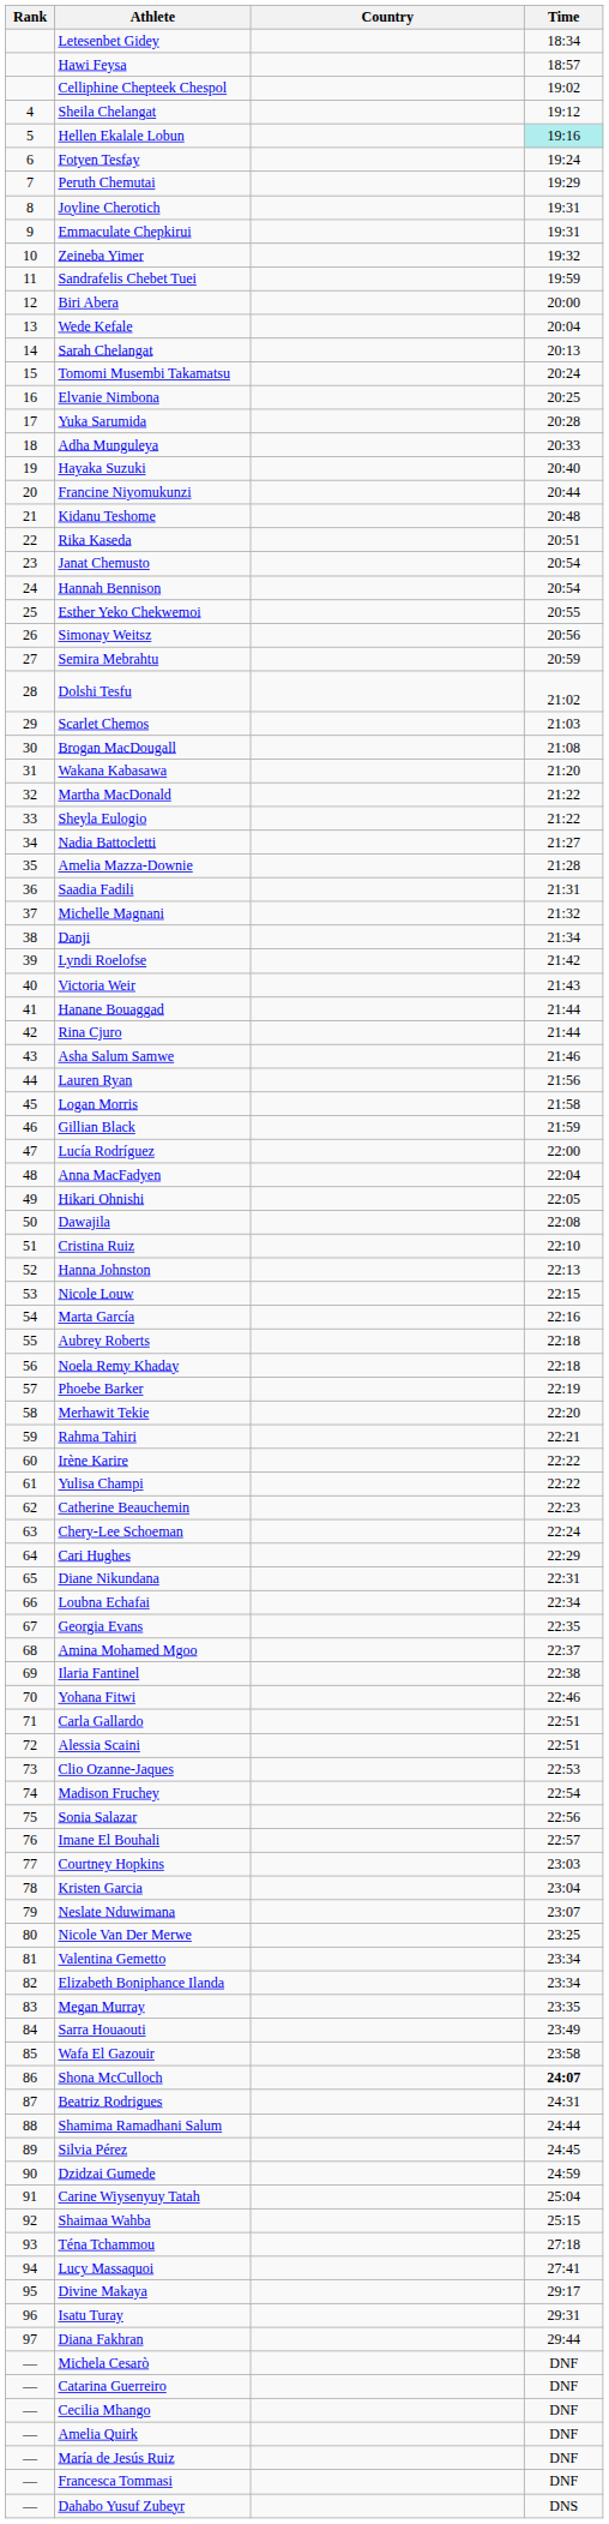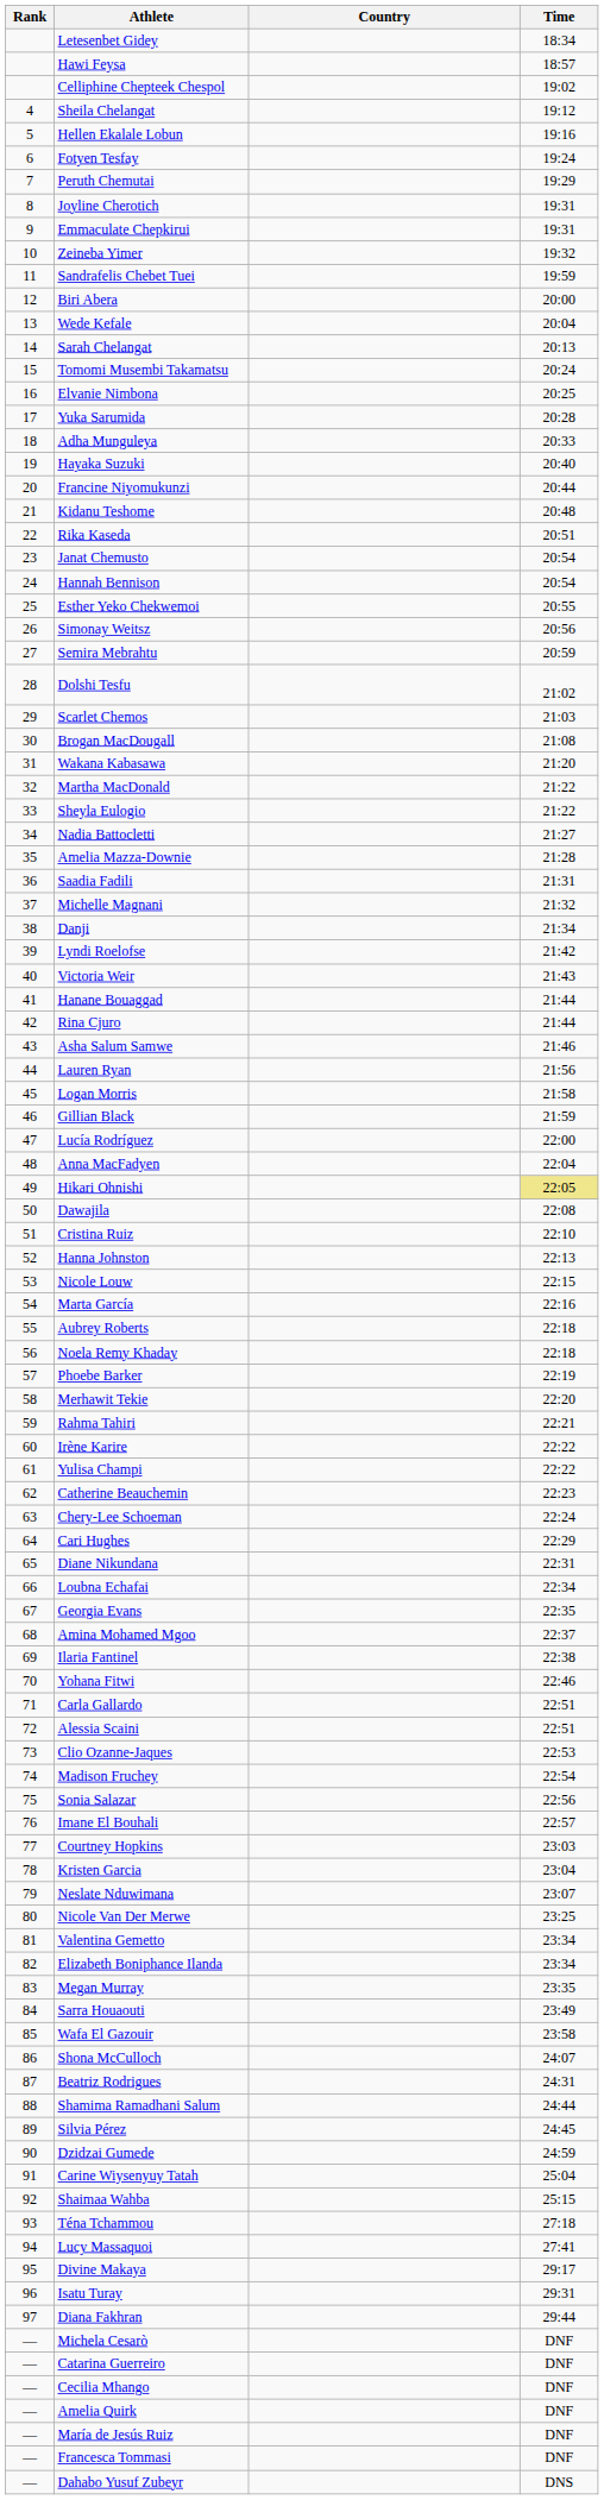 <table class="wikitable sortable" style=" text-align:center; font-size:95%;" width="50%">
 <tr>
 <th width=5%>Rank</th>
 <th width=25%>Athlete</th>
 <th width=35%>Country</th>
 <th width=10%>Time</th>
 </tr>
 <tr>
 <td align=center></td>
 <td align=left><a href='#'>Letesenbet Gidey</a></td>
 <td align=left></td>
 <td>18:34</td>
 </tr>
 <tr>
 <td align=center></td>
 <td align=left><a href='#'>Hawi Feysa</a></td>
 <td align=left></td>
 <td>18:57</td>
 </tr>
 <tr>
 <td align=center></td>
 <td align=left><a href='#'>Celliphine Chepteek Chespol</a></td>
 <td align=left></td>
 <td>19:02</td>
 </tr>
 <tr>
 <td align=center>4</td>
 <td align=left><a href='#'>Sheila Chelangat</a></td>
 <td align=left></td>
 <td>19:12</td>
 </tr>
 <tr>
 <td align=center>5</td>
 <td align=left><a href='#'>Hellen Ekalale Lobun</a></td>
 <td align=left></td>
-<td style="background: paleturquoise;">19:16</td>
+<td>19:16</td>
 </tr>
 <tr>
 <td align=center>6</td>
 <td align=left><a href='#'>Fotyen Tesfay</a></td>
 <td align=left></td>
 <td>19:24</td>
 </tr>
 <tr>
 <td align=center>7</td>
 <td align=left><a href='#'>Peruth Chemutai</a></td>
 <td align=left></td>
 <td>19:29</td>
 </tr>
 <tr>
 <td align=center>8</td>
 <td align=left><a href='#'>Joyline Cherotich</a></td>
 <td align=left></td>
 <td>19:31</td>
 </tr>
 <tr>
 <td align=center>9</td>
 <td align=left><a href='#'>Emmaculate Chepkirui</a></td>
 <td align=left></td>
 <td>19:31</td>
 </tr>
 <tr>
 <td align=center>10</td>
 <td align=left><a href='#'>Zeineba Yimer</a></td>
 <td align=left></td>
 <td>19:32</td>
 </tr>
 <tr>
 <td align=center>11</td>
 <td align=left><a href='#'>Sandrafelis Chebet Tuei</a></td>
 <td align=left></td>
 <td>19:59</td>
 </tr>
 <tr>
 <td align=center>12</td>
 <td align=left><a href='#'>Biri Abera</a></td>
 <td align=left></td>
 <td>20:00</td>
 </tr>
 <tr>
 <td align=center>13</td>
 <td align=left><a href='#'>Wede Kefale</a></td>
 <td align=left></td>
 <td>20:04</td>
 </tr>
 <tr>
 <td align=center>14</td>
 <td align=left><a href='#'>Sarah Chelangat</a></td>
 <td align=left></td>
 <td>20:13</td>
 </tr>
 <tr>
 <td align=center>15</td>
 <td align=left><a href='#'>Tomomi Musembi Takamatsu</a></td>
 <td align=left></td>
 <td>20:24</td>
 </tr>
 <tr>
 <td align=center>16</td>
 <td align=left><a href='#'>Elvanie Nimbona</a></td>
 <td align=left></td>
 <td>20:25</td>
 </tr>
 <tr>
 <td align=center>17</td>
 <td align=left><a href='#'>Yuka Sarumida</a></td>
 <td align=left></td>
 <td>20:28</td>
 </tr>
 <tr>
 <td align=center>18</td>
 <td align=left><a href='#'>Adha Munguleya</a></td>
 <td align=left></td>
 <td>20:33</td>
 </tr>
 <tr>
 <td align=center>19</td>
 <td align=left><a href='#'>Hayaka Suzuki</a></td>
 <td align=left></td>
 <td>20:40</td>
 </tr>
 <tr>
 <td align=center>20</td>
 <td align=left><a href='#'>Francine Niyomukunzi </a></td>
 <td align=left></td>
 <td>20:44</td>
 </tr>
 <tr>
 <td align=center>21</td>
 <td align=left><a href='#'>Kidanu Teshome</a></td>
 <td align=left></td>
 <td>20:48</td>
 </tr>
 <tr>
 <td align=center>22</td>
 <td align=left><a href='#'>Rika Kaseda</a></td>
 <td align=left></td>
 <td>20:51</td>
 </tr>
 <tr>
 <td align=center>23</td>
 <td align=left><a href='#'>Janat Chemusto</a></td>
 <td align=left></td>
 <td>20:54</td>
 </tr>
 <tr>
 <td align=center>24</td>
 <td align=left><a href='#'>Hannah Bennison</a></td>
 <td align=left></td>
 <td>20:54</td>
 </tr>
 <tr>
 <td align=center>25</td>
 <td align=left><a href='#'>Esther Yeko Chekwemoi</a></td>
 <td align=left></td>
 <td>20:55</td>
 </tr>
 <tr>
 <td align=center>26</td>
 <td align=left><a href='#'>Simonay Weitsz</a></td>
 <td align=left></td>
 <td>20:56</td>
 </tr>
 <tr>
 <td align=center>27</td>
 <td align=left><a href='#'>Semira Mebrahtu</a></td>
 <td align=left></td>
 <td>20:59</td>
 </tr>
 <tr>
 <td align=center>28</td>
 <td align=left><a href='#'>Dolshi Tesfu</a></td>
 <td align=left></td>
 <td><br>21:02</td>
 </tr>
 <tr>
 <td align=center>29</td>
 <td align=left><a href='#'>Scarlet Chemos</a></td>
 <td align=left></td>
 <td>21:03</td>
 </tr>
 <tr>
 <td align=center>30</td>
 <td align=left><a href='#'>Brogan MacDougall</a></td>
 <td align=left></td>
 <td>21:08</td>
 </tr>
 <tr>
 <td align=center>31</td>
 <td align=left><a href='#'>Wakana Kabasawa</a></td>
 <td align=left></td>
 <td>21:20</td>
 </tr>
 <tr>
 <td align=center>32</td>
 <td align=left><a href='#'>Martha MacDonald</a></td>
 <td align=left></td>
 <td>21:22</td>
 </tr>
 <tr>
 <td align=center>33</td>
 <td align=left><a href='#'>Sheyla Eulogio</a></td>
 <td align=left></td>
 <td>21:22</td>
 </tr>
 <tr>
 <td align=center>34</td>
 <td align=left><a href='#'>Nadia Battocletti</a></td>
 <td align=left></td>
 <td>21:27</td>
 </tr>
 <tr>
 <td align=center>35</td>
 <td align=left><a href='#'>Amelia Mazza-Downie</a></td>
 <td align=left></td>
 <td>21:28</td>
 </tr>
 <tr>
 <td align=center>36</td>
 <td align=left><a href='#'>Saadia Fadili</a></td>
 <td align=left></td>
 <td>21:31</td>
 </tr>
 <tr>
 <td align=center>37</td>
 <td align=left><a href='#'>Michelle Magnani</a></td>
 <td align=left></td>
 <td>21:32</td>
 </tr>
 <tr>
 <td align=center>38</td>
 <td align=left><a href='#'>Danji</a></td>
 <td align=left></td>
 <td>21:34</td>
 </tr>
 <tr>
 <td align=center>39</td>
 <td align=left><a href='#'>Lyndi Roelofse</a></td>
 <td align=left></td>
 <td>21:42</td>
 </tr>
 <tr>
 <td align=center>40</td>
 <td align=left><a href='#'>Victoria Weir</a></td>
 <td align=left></td>
 <td>21:43</td>
 </tr>
 <tr>
 <td align=center>41</td>
 <td align=left><a href='#'>Hanane Bouaggad</a></td>
 <td align=left></td>
 <td>21:44</td>
 </tr>
 <tr>
 <td align=center>42</td>
 <td align=left><a href='#'>Rina Cjuro</a></td>
 <td align=left></td>
 <td>21:44</td>
 </tr>
 <tr>
 <td align=center>43</td>
 <td align=left><a href='#'>Asha Salum Samwe</a></td>
 <td align=left></td>
 <td>21:46</td>
 </tr>
 <tr>
 <td align=center>44</td>
 <td align=left><a href='#'>Lauren Ryan</a></td>
 <td align=left></td>
 <td>21:56</td>
 </tr>
 <tr>
 <td align=center>45</td>
 <td align=left><a href='#'>Logan Morris</a></td>
 <td align=left></td>
 <td>21:58</td>
 </tr>
 <tr>
 <td align=center>46</td>
 <td align=left><a href='#'>Gillian Black</a></td>
 <td align=left></td>
 <td>21:59</td>
 </tr>
 <tr>
 <td align=center>47</td>
 <td align=left><a href='#'>Lucía Rodríguez</a></td>
 <td align=left></td>
 <td>22:00</td>
 </tr>
 <tr>
 <td align=center>48</td>
 <td align=left><a href='#'>Anna MacFadyen</a></td>
 <td align=left></td>
 <td>22:04</td>
 </tr>
 <tr>
 <td align=center>49</td>
 <td align=left><a href='#'>Hikari Ohnishi</a></td>
 <td align=left></td>
-<td>22:05</td>
+<td style="background: khaki;">22:05</td>
 </tr>
 <tr>
 <td align=center>50</td>
 <td align=left><a href='#'>Dawajila</a></td>
 <td align=left></td>
 <td>22:08</td>
 </tr>
 <tr>
 <td align=center>51</td>
 <td align=left><a href='#'>Cristina Ruiz</a></td>
 <td align=left></td>
 <td>22:10</td>
 </tr>
 <tr>
 <td align=center>52</td>
 <td align=left><a href='#'>Hanna Johnston</a></td>
 <td align=left></td>
 <td>22:13</td>
 </tr>
 <tr>
 <td align=center>53</td>
 <td align=left><a href='#'>Nicole Louw</a></td>
 <td align=left></td>
 <td>22:15</td>
 </tr>
 <tr>
 <td align=center>54</td>
 <td align=left><a href='#'>Marta García</a></td>
 <td align=left></td>
 <td>22:16</td>
 </tr>
 <tr>
 <td align=center>55</td>
 <td align=left><a href='#'>Aubrey Roberts</a></td>
 <td align=left></td>
 <td>22:18</td>
 </tr>
 <tr>
 <td align=center>56</td>
 <td align=left><a href='#'>Noela Remy Khaday</a></td>
 <td align=left></td>
 <td>22:18</td>
 </tr>
 <tr>
 <td align=center>57</td>
 <td align=left><a href='#'>Phoebe Barker</a></td>
 <td align=left></td>
 <td>22:19</td>
 </tr>
 <tr>
 <td align=center>58</td>
 <td align=left><a href='#'>Merhawit Tekie</a></td>
 <td align=left></td>
 <td>22:20</td>
 </tr>
 <tr>
 <td align=center>59</td>
 <td align=left><a href='#'>Rahma Tahiri</a></td>
 <td align=left></td>
 <td>22:21</td>
 </tr>
 <tr>
 <td align=center>60</td>
 <td align=left><a href='#'>Irène Karire</a></td>
 <td align=left></td>
 <td>22:22</td>
 </tr>
 <tr>
 <td align=center>61</td>
 <td align=left><a href='#'>Yulisa Champi</a></td>
 <td align=left></td>
 <td>22:22</td>
 </tr>
 <tr>
 <td align=center>62</td>
 <td align=left><a href='#'>Catherine Beauchemin</a></td>
 <td align=left></td>
 <td>22:23</td>
 </tr>
 <tr>
 <td align=center>63</td>
 <td align=left><a href='#'>Chery-Lee Schoeman</a></td>
 <td align=left></td>
 <td>22:24</td>
 </tr>
 <tr>
 <td align=center>64</td>
 <td align=left><a href='#'>Cari Hughes</a></td>
 <td align=left></td>
 <td>22:29</td>
 </tr>
 <tr>
 <td align=center>65</td>
 <td align=left><a href='#'>Diane Nikundana</a></td>
 <td align=left></td>
 <td>22:31</td>
 </tr>
 <tr>
 <td align=center>66</td>
 <td align=left><a href='#'>Loubna Echafai</a></td>
 <td align=left></td>
 <td>22:34</td>
 </tr>
 <tr>
 <td align=center>67</td>
 <td align=left><a href='#'>Georgia Evans</a></td>
 <td align=left></td>
 <td>22:35</td>
 </tr>
 <tr>
 <td align=center>68</td>
 <td align=left><a href='#'>Amina Mohamed Mgoo</a></td>
 <td align=left></td>
 <td>22:37</td>
 </tr>
 <tr>
 <td align=center>69</td>
 <td align=left><a href='#'>Ilaria Fantinel</a></td>
 <td align=left></td>
 <td>22:38</td>
 </tr>
 <tr>
 <td align=center>70</td>
 <td align=left><a href='#'>Yohana Fitwi</a></td>
 <td align=left></td>
 <td>22:46</td>
 </tr>
 <tr>
 <td align=center>71</td>
 <td align=left><a href='#'>Carla Gallardo</a></td>
 <td align=left></td>
 <td>22:51</td>
 </tr>
 <tr>
 <td align=center>72</td>
 <td align=left><a href='#'>Alessia Scaini</a></td>
 <td align=left></td>
 <td>22:51</td>
 </tr>
 <tr>
 <td align=center>73</td>
 <td align=left><a href='#'>Clio Ozanne-Jaques</a></td>
 <td align=left></td>
 <td>22:53</td>
 </tr>
 <tr>
 <td align=center>74</td>
 <td align=left><a href='#'>Madison Fruchey</a></td>
 <td align=left></td>
 <td>22:54</td>
 </tr>
 <tr>
 <td align=center>75</td>
 <td align=left><a href='#'>Sonia Salazar</a></td>
 <td align=left></td>
 <td>22:56</td>
 </tr>
 <tr>
 <td align=center>76</td>
 <td align=left><a href='#'>Imane El Bouhali</a></td>
 <td align=left></td>
 <td>22:57</td>
 </tr>
 <tr>
 <td align=center>77</td>
 <td align=left><a href='#'>Courtney Hopkins</a></td>
 <td align=left></td>
 <td>23:03</td>
 </tr>
 <tr>
 <td align=center>78</td>
 <td align=left><a href='#'>Kristen Garcia</a></td>
 <td align=left></td>
 <td>23:04</td>
 </tr>
 <tr>
 <td align=center>79</td>
 <td align=left><a href='#'>Neslate Nduwimana</a></td>
 <td align=left></td>
 <td>23:07</td>
 </tr>
 <tr>
 <td align=center>80</td>
 <td align=left><a href='#'>Nicole Van Der Merwe</a></td>
 <td align=left></td>
 <td>23:25</td>
 </tr>
 <tr>
 <td align=center>81</td>
 <td align=left><a href='#'>Valentina Gemetto</a></td>
 <td align=left></td>
 <td>23:34</td>
 </tr>
 <tr>
 <td align=center>82</td>
 <td align=left><a href='#'>Elizabeth Boniphance Ilanda</a></td>
 <td align=left></td>
 <td>23:34</td>
 </tr>
 <tr>
 <td align=center>83</td>
 <td align=left><a href='#'>Megan Murray</a></td>
 <td align=left></td>
 <td>23:35</td>
 </tr>
 <tr>
 <td align=center>84</td>
 <td align=left><a href='#'>Sarra Houaouti</a></td>
 <td align=left></td>
 <td>23:49</td>
 </tr>
 <tr>
 <td align=center>85</td>
 <td align=left><a href='#'>Wafa El Gazouir</a></td>
 <td align=left></td>
 <td>23:58</td>
 </tr>
 <tr>
 <td align=center>86</td>
 <td align=left><a href='#'>Shona McCulloch</a></td>
 <td align=left></td>
-<td><strong>24:07</strong></td>
+<td>24:07</td>
 </tr>
 <tr>
 <td align=center>87</td>
 <td align=left><a href='#'>Beatriz Rodrigues</a></td>
 <td align=left></td>
 <td>24:31</td>
 </tr>
 <tr>
 <td align=center>88</td>
 <td align=left><a href='#'>Shamima Ramadhani Salum</a></td>
 <td align=left></td>
 <td>24:44</td>
 </tr>
 <tr>
 <td align=center>89</td>
 <td align=left><a href='#'>Silvia Pérez</a></td>
 <td align=left></td>
 <td>24:45</td>
 </tr>
 <tr>
 <td align=center>90</td>
 <td align=left><a href='#'>Dzidzai Gumede</a></td>
 <td align=left></td>
 <td>24:59</td>
 </tr>
 <tr>
 <td align=center>91</td>
 <td align=left><a href='#'>Carine Wiysenyuy Tatah</a></td>
 <td align=left></td>
 <td>25:04</td>
 </tr>
 <tr>
 <td align=center>92</td>
 <td align=left><a href='#'>Shaimaa Wahba</a></td>
 <td align=left></td>
 <td>25:15</td>
 </tr>
 <tr>
 <td align=center>93</td>
 <td align=left><a href='#'>Téna Tchammou</a></td>
 <td align=left></td>
 <td>27:18</td>
 </tr>
 <tr>
 <td align=center>94</td>
 <td align=left><a href='#'>Lucy Massaquoi</a></td>
 <td align=left></td>
 <td>27:41</td>
 </tr>
 <tr>
 <td align=center>95</td>
 <td align=left><a href='#'>Divine Makaya</a></td>
 <td align=left></td>
 <td>29:17</td>
 </tr>
 <tr>
 <td align=center>96</td>
 <td align=left><a href='#'>Isatu Turay</a></td>
 <td align=left></td>
 <td>29:31</td>
 </tr>
 <tr>
 <td align=center>97</td>
 <td align=left><a href='#'>Diana Fakhran</a></td>
 <td align=left></td>
 <td>29:44</td>
 </tr>
 <tr>
 <td align=center>—</td>
 <td align=left><a href='#'>Michela Cesarò</a></td>
 <td align=left></td>
 <td>DNF</td>
 </tr>
 <tr>
 <td align=center>—</td>
 <td align=left><a href='#'>Catarina Guerreiro</a></td>
 <td align=left></td>
 <td>DNF</td>
 </tr>
 <tr>
 <td align=center>—</td>
 <td align=left><a href='#'>Cecilia Mhango</a></td>
 <td align=left></td>
 <td>DNF</td>
 </tr>
 <tr>
 <td align=center>—</td>
 <td align=left><a href='#'>Amelia Quirk</a></td>
 <td align=left></td>
 <td>DNF</td>
 </tr>
 <tr>
 <td align=center>—</td>
 <td align=left><a href='#'>María de Jesús Ruiz</a></td>
 <td align=left></td>
 <td>DNF</td>
 </tr>
 <tr>
 <td align=center>—</td>
 <td align=left><a href='#'>Francesca Tommasi</a></td>
 <td align=left></td>
 <td>DNF</td>
 </tr>
 <tr>
 <td align=center>—</td>
 <td align=left><a href='#'>Dahabo Yusuf Zubeyr</a></td>
 <td align=left></td>
 <td>DNS</td>
 </tr>
 </table>
